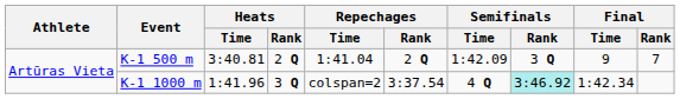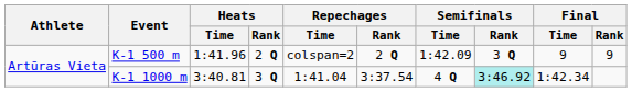 <table class="wikitable" style="font-size:90%">
 <tr>
 <th rowspan=2>Athlete</th>
 <th rowspan=2>Event</th>
 <th colspan=2>Heats</th>
 <th colspan=2>Repechages</th>
 <th colspan=2>Semifinals</th>
 <th colspan=2>Final</th>
 </tr>
 <tr style="font-size:95%">
 <th>Time</th>
 <th>Rank</th>
 <th>Time</th>
 <th>Rank</th>
 <th>Time</th>
 <th>Rank</th>
 <th>Time</th>
 <th>Rank</th>
 </tr>
 <tr align=center>
 <td align=left rowspan=2><a href='#'>Artūras Vieta</a></td>
 <td align=left><a href='#'>K-1 500 m</a></td>
-<td>3:40.81</td>
+<td>1:41.96</td>
 <td>2 <strong>Q</strong></td>
-<td>1:41.04</td>
+<td>colspan=2 </td>
 <td>2 <strong>Q</strong></td>
 <td>1:42.09</td>
 <td>3 <strong>Q</strong></td>
 <td>9</td>
-<td>7</td>
+<td>9</td>
 </tr>
 <tr align=center>
 <td align=left><a href='#'>K-1 1000 m</a></td>
-<td>1:41.96</td>
+<td>3:40.81</td>
 <td>3 <strong>Q</strong></td>
-<td>colspan=2 </td>
+<td>1:41.04</td>
 <td>3:37.54</td>
 <td>4 <strong>Q</strong></td>
 <td style="background: paleturquoise;">3:46.92</td>
 <td>1:42.34</td>
 </tr>
 </table>
